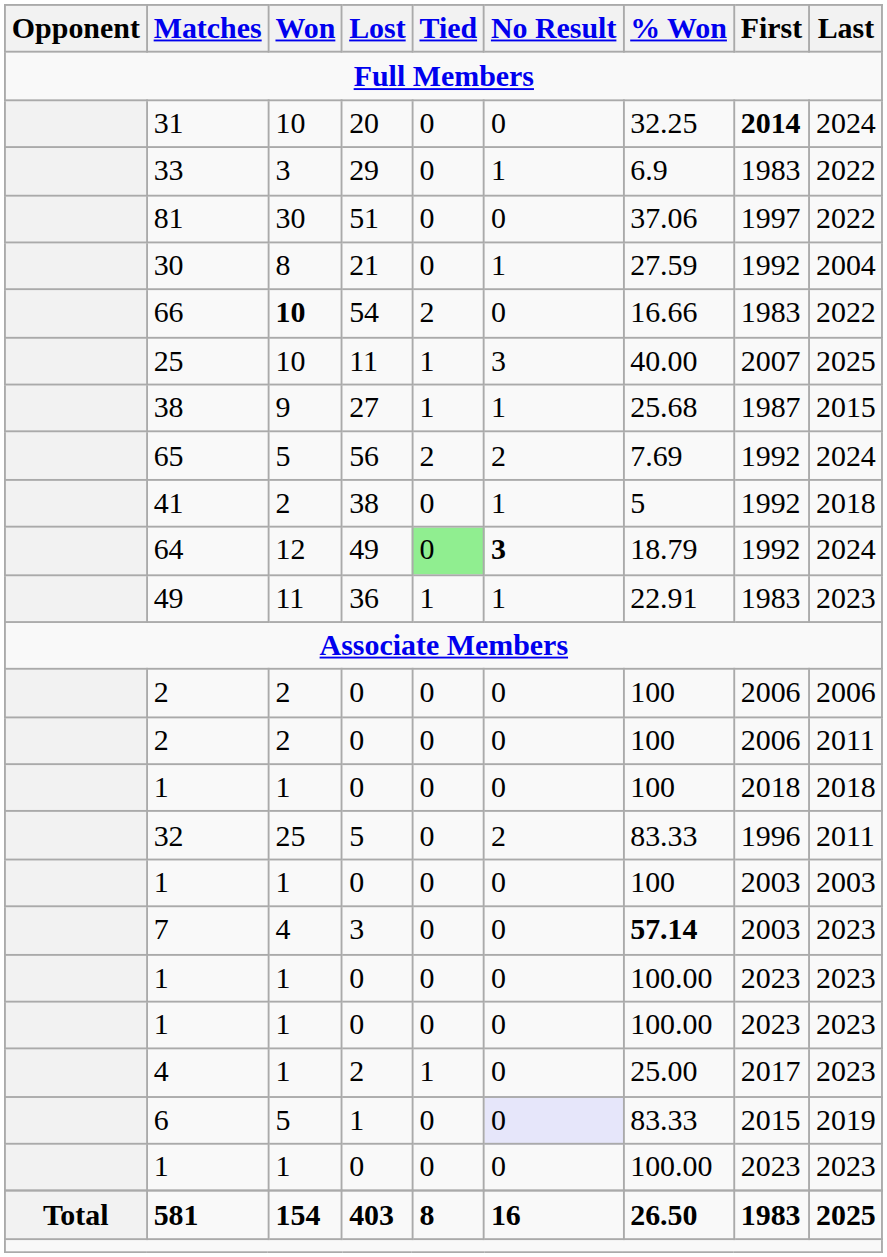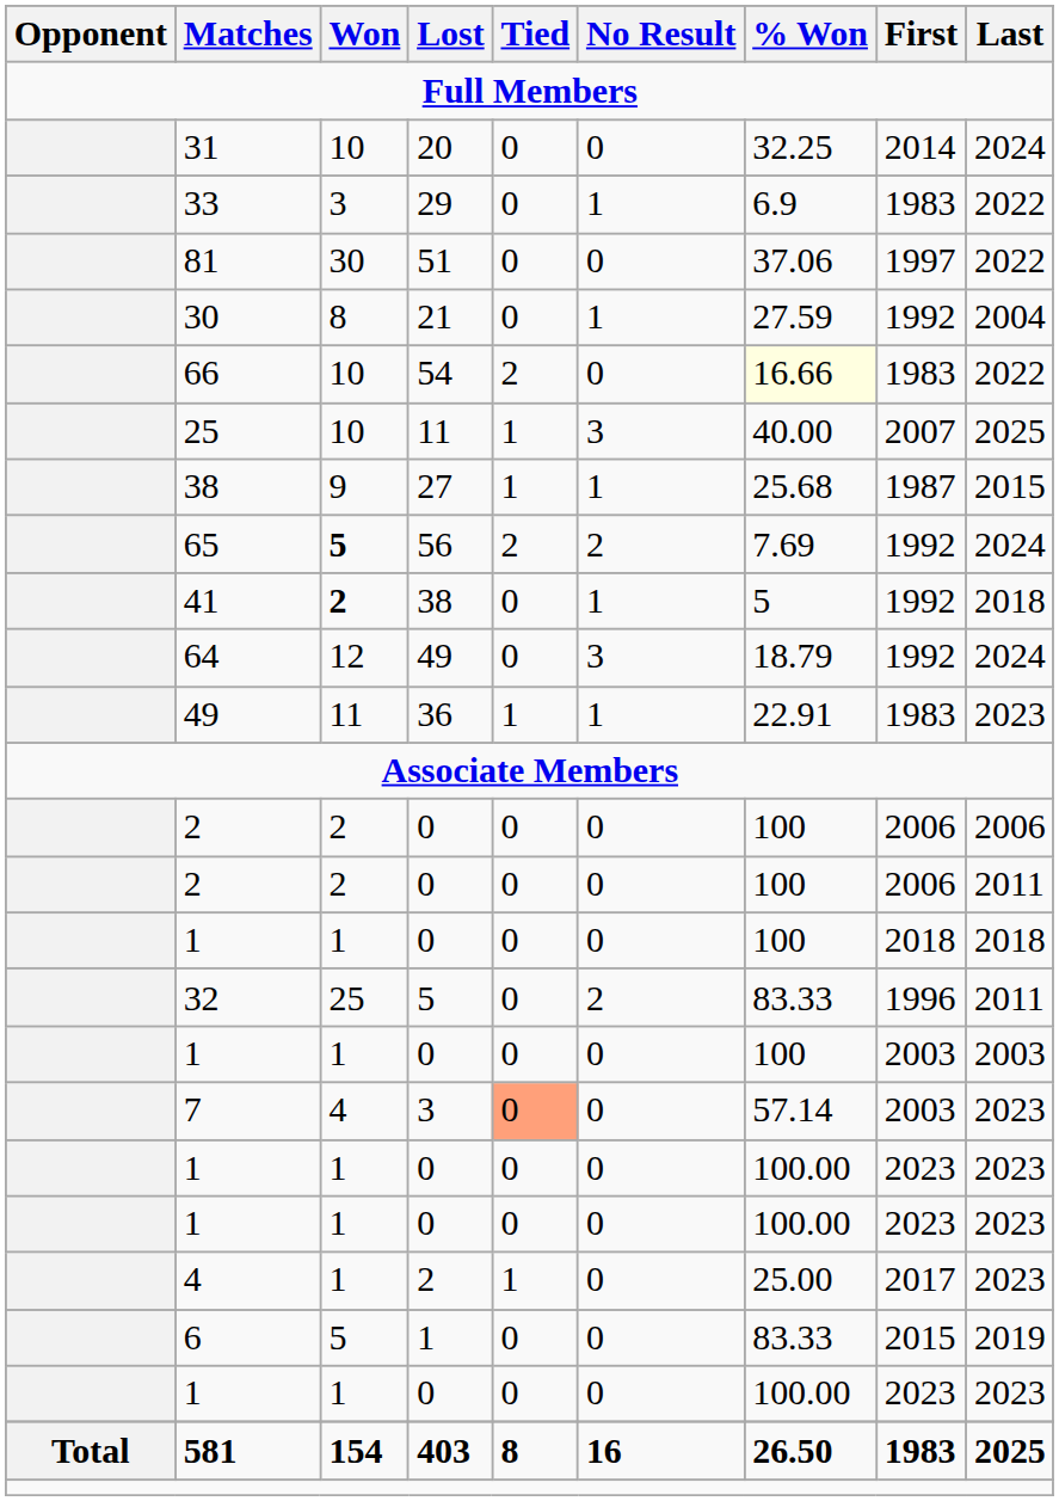 <table class="wikitable plainrowheaders sortable">
 <tr>
 <th scope="col">Opponent</th>
 <th scope="col"><a href='#'>Matches</a></th>
 <th scope="col"><a href='#'>Won</a></th>
 <th scope="col"><a href='#'>Lost</a></th>
 <th scope="col"><a href='#'>Tied</a></th>
 <th scope="col"><a href='#'>No Result</a></th>
 <th scope="col"><a href='#'>% Won</a></th>
 <th scope="col">First</th>
 <th scope="col">Last</th>
 </tr>
 <tr>
 <td style="text-align: center;" colspan="9"><strong><a href='#'>Full Members</a></strong></td>
 </tr>
 <tr>
 <th scope=row></th>
 <td>31</td>
 <td>10</td>
 <td>20</td>
 <td>0</td>
 <td>0</td>
 <td>32.25</td>
-<td><strong>2014</strong></td>
+<td>2014</td>
 <td>2024</td>
 </tr>
 <tr>
 <th scope=row></th>
 <td>33</td>
 <td>3</td>
 <td>29</td>
 <td>0</td>
 <td>1</td>
 <td>6.9</td>
 <td>1983</td>
 <td>2022</td>
 </tr>
 <tr>
 <th scope=row></th>
 <td>81</td>
 <td>30</td>
 <td>51</td>
 <td>0</td>
 <td>0</td>
 <td>37.06</td>
 <td>1997</td>
 <td>2022</td>
 </tr>
 <tr>
 <th scope=row></th>
 <td>30</td>
 <td>8</td>
 <td>21</td>
 <td>0</td>
 <td>1</td>
 <td>27.59</td>
 <td>1992</td>
 <td>2004</td>
 </tr>
 <tr>
 <th scope=row></th>
 <td>66</td>
-<td><strong>10</strong></td>
+<td>10</td>
 <td>54</td>
 <td>2</td>
 <td>0</td>
-<td>16.66</td>
+<td style="background: lightyellow;">16.66</td>
 <td>1983</td>
 <td>2022</td>
 </tr>
 <tr>
 <th scope=row></th>
 <td>25</td>
 <td>10</td>
 <td>11</td>
 <td>1</td>
 <td>3</td>
 <td>40.00</td>
 <td>2007</td>
 <td>2025</td>
 </tr>
 <tr>
 <th scope=row></th>
 <td>38</td>
 <td>9</td>
 <td>27</td>
 <td>1</td>
 <td>1</td>
 <td>25.68</td>
 <td>1987</td>
 <td>2015</td>
 </tr>
 <tr>
 <th scope=row></th>
 <td>65</td>
-<td>5</td>
+<td><strong>5</strong></td>
 <td>56</td>
 <td>2</td>
 <td>2</td>
 <td>7.69</td>
 <td>1992</td>
 <td>2024</td>
 </tr>
 <tr>
 <th scope=row></th>
 <td>41</td>
-<td>2</td>
+<td><strong>2</strong></td>
 <td>38</td>
 <td>0</td>
 <td>1</td>
 <td>5</td>
 <td>1992</td>
 <td>2018</td>
 </tr>
 <tr>
 <th scope=row></th>
 <td>64</td>
 <td>12</td>
 <td>49</td>
-<td style="background: lightgreen;">0</td>
-<td><strong>3</strong></td>
+<td>0</td>
+<td>3</td>
 <td>18.79</td>
 <td>1992</td>
 <td>2024</td>
 </tr>
 <tr>
 <th scope=row></th>
 <td>49</td>
 <td>11</td>
 <td>36</td>
 <td>1</td>
 <td>1</td>
 <td>22.91</td>
 <td>1983</td>
 <td>2023</td>
 </tr>
 <tr>
 <td colspan="10" style="text-align: center;"><strong><a href='#'>Associate Members</a></strong></td>
 </tr>
 <tr>
 <th scope=row></th>
 <td>2</td>
 <td>2</td>
 <td>0</td>
 <td>0</td>
 <td>0</td>
 <td>100</td>
 <td>2006</td>
 <td>2006</td>
 </tr>
 <tr>
 <th scope=row></th>
 <td>2</td>
 <td>2</td>
 <td>0</td>
 <td>0</td>
 <td>0</td>
 <td>100</td>
 <td>2006</td>
 <td>2011</td>
 </tr>
 <tr>
 <th scope=row></th>
 <td>1</td>
 <td>1</td>
 <td>0</td>
 <td>0</td>
 <td>0</td>
 <td>100</td>
 <td>2018</td>
 <td>2018</td>
 </tr>
 <tr>
 <th scope=row></th>
 <td>32</td>
 <td>25</td>
 <td>5</td>
 <td>0</td>
 <td>2</td>
 <td>83.33</td>
 <td>1996</td>
 <td>2011</td>
 </tr>
 <tr>
 <th scope=row></th>
 <td>1</td>
 <td>1</td>
 <td>0</td>
 <td>0</td>
 <td>0</td>
 <td>100</td>
 <td>2003</td>
 <td>2003</td>
 </tr>
 <tr>
 <th scope=row></th>
 <td>7</td>
 <td>4</td>
 <td>3</td>
+<td style="background: lightsalmon;">0</td>
 <td>0</td>
-<td>0</td>
-<td><strong>57.14</strong></td>
+<td>57.14</td>
 <td>2003</td>
 <td>2023</td>
 </tr>
 <tr>
 <th scope=row></th>
 <td>1</td>
 <td>1</td>
 <td>0</td>
 <td>0</td>
 <td>0</td>
 <td>100.00</td>
 <td>2023</td>
 <td>2023</td>
 </tr>
 <tr>
 <th scope=row></th>
 <td>1</td>
 <td>1</td>
 <td>0</td>
 <td>0</td>
 <td>0</td>
 <td>100.00</td>
 <td>2023</td>
 <td>2023</td>
 </tr>
 <tr>
 <th scope=row></th>
 <td>4</td>
 <td>1</td>
 <td>2</td>
 <td>1</td>
 <td>0</td>
 <td>25.00</td>
 <td>2017</td>
 <td>2023</td>
 </tr>
 <tr>
 <th scope=row></th>
 <td>6</td>
 <td>5</td>
 <td>1</td>
 <td>0</td>
-<td style="background: lavender;">0</td>
+<td>0</td>
 <td>83.33</td>
 <td>2015</td>
 <td>2019</td>
 </tr>
 <tr>
 <th scope=row></th>
 <td>1</td>
 <td>1</td>
 <td>0</td>
 <td>0</td>
 <td>0</td>
 <td>100.00</td>
 <td>2023</td>
 <td>2023</td>
 </tr>
 <tr>
 </tr>
 <tr class="sortbottom">
 <th scope="row" style="text-align:center"><strong>Total</strong></th>
 <td><strong>581</strong></td>
 <td><strong>154</strong></td>
 <td><strong>403</strong></td>
 <td><strong>8</strong></td>
 <td><strong>16</strong></td>
 <td><strong>26.50</strong></td>
 <td><strong>1983</strong></td>
 <td><strong>2025</strong></td>
 </tr>
 <tr>
 <td colspan=10></td>
 </tr>
 </table>
